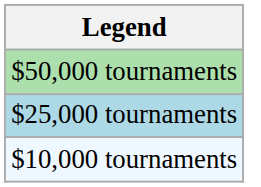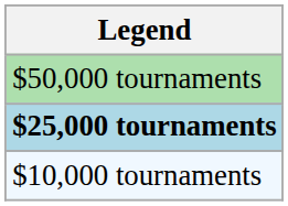 <table class="wikitable" style="font-size:90%">
 <tr>
 <th>Legend</th>
 </tr>
 <tr style="background:#addfad;">
 <td>$50,000  tournaments</td>
 </tr>
 <tr style="background:lightblue;">
-<td>$25,000 tournaments</td>
+<td><strong>$25,000 tournaments</strong></td>
 </tr>
 <tr style="background:#f0f8ff;">
 <td>$10,000 tournaments</td>
 </tr>
 </table>
